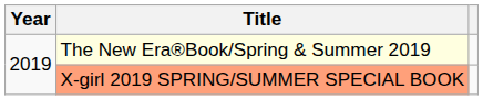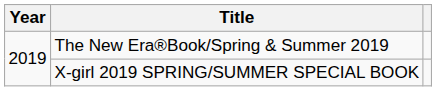 <table class="wikitable">
 <tr>
 <th>Year</th>
 <th>Title</th>
 <th></th>
 </tr>
 <tr>
 <td rowspan="2">2019</td>
-<td style="background: lightyellow;">The New Era®︎Book/Spring & Summer 2019</td>
+<td>The New Era®︎Book/Spring & Summer 2019</td>
 <td></td>
 </tr>
 <tr>
-<td style="background: lightsalmon;">X-girl 2019 SPRING/SUMMER SPECIAL BOOK</td>
+<td>X-girl 2019 SPRING/SUMMER SPECIAL BOOK</td>
 <td></td>
 </tr>
 </table>
